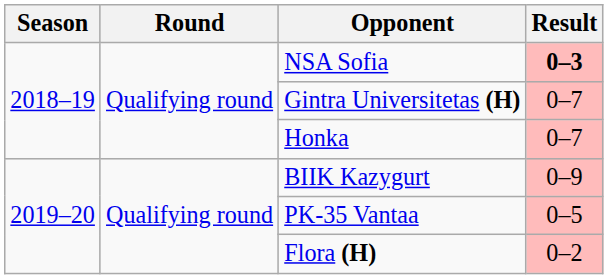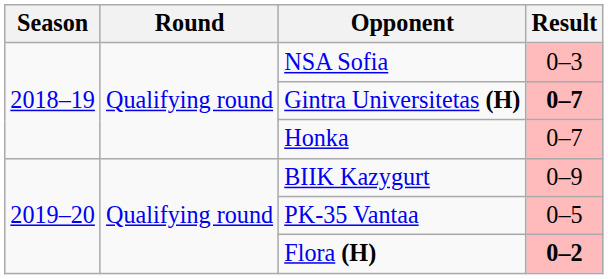 <table class="wikitable">
 <tr>
 <th>Season</th>
 <th>Round</th>
 <th>Opponent</th>
 <th>Result</th>
 </tr>
 <tr>
 <td rowspan=3><a href='#'>2018–19</a></td>
 <td rowspan=3><a href='#'>Qualifying round</a></td>
 <td> <a href='#'>NSA Sofia</a></td>
-<td align=center bgcolor=ffbbbb><strong>0–3</strong></td>
+<td align=center bgcolor=ffbbbb>0–3</td>
 </tr>
 <tr>
 <td> <a href='#'>Gintra Universitetas</a> <strong>(H)</strong></td>
-<td align=center bgcolor=ffbbbb>0–7</td>
+<td align=center bgcolor=ffbbbb><strong>0–7</strong></td>
 </tr>
 <tr>
 <td> <a href='#'>Honka</a></td>
 <td align=center bgcolor=ffbbbb>0–7</td>
 </tr>
 <tr>
 <td rowspan=3><a href='#'>2019–20</a></td>
 <td rowspan=3><a href='#'>Qualifying round</a></td>
 <td> <a href='#'>BIIK Kazygurt</a></td>
 <td align=center bgcolor=ffbbbb>0–9</td>
 </tr>
 <tr>
 <td> <a href='#'>PK-35 Vantaa</a></td>
 <td align=center bgcolor=ffbbbb>0–5</td>
 </tr>
 <tr>
 <td> <a href='#'>Flora</a> <strong>(H)</strong></td>
-<td align=center bgcolor=ffbbbb>0–2</td>
+<td align=center bgcolor=ffbbbb><strong>0–2</strong></td>
 </tr>
 </table>
